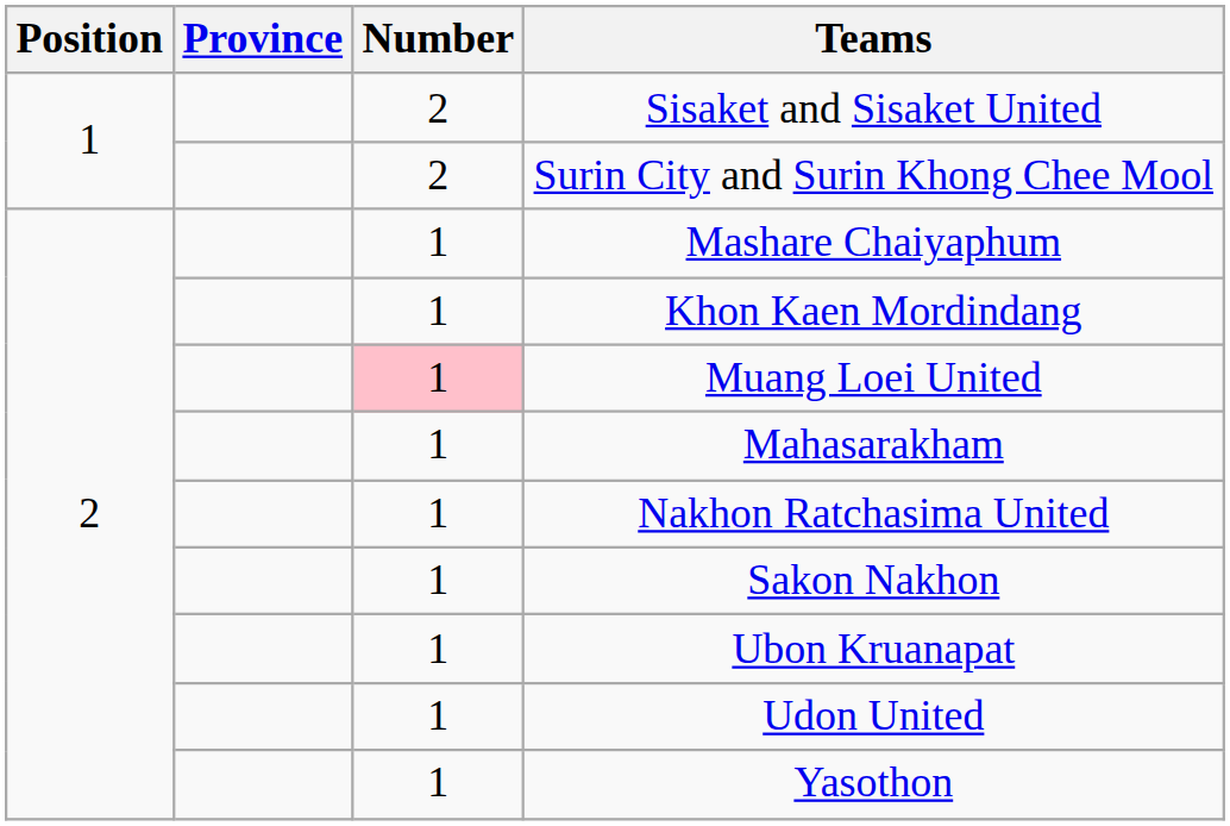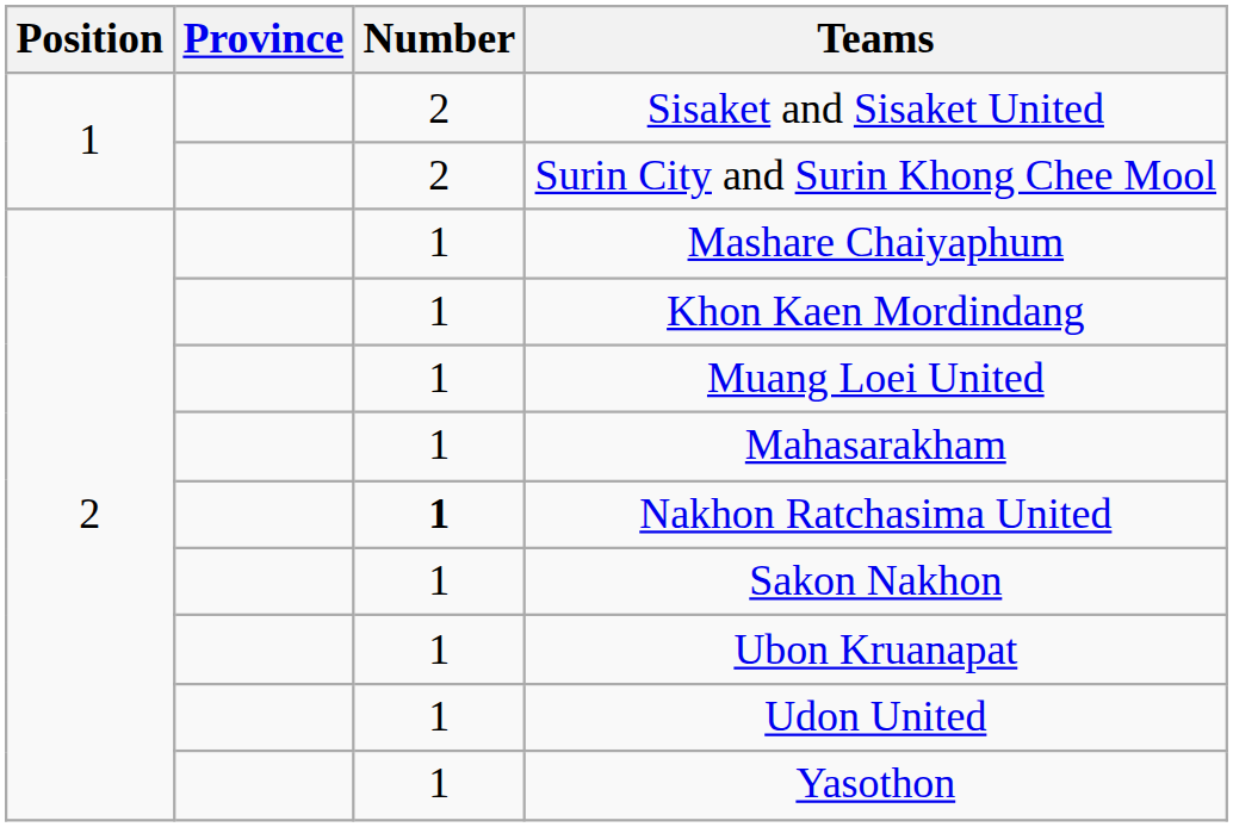 <table class="wikitable">
 <tr>
 <th>Position</th>
 <th><a href='#'>Province</a></th>
 <th>Number</th>
 <th>Teams</th>
 </tr>
 <tr>
 <td align=center rowspan="2">1</td>
 <td></td>
 <td align=center>2</td>
 <td align=center><a href='#'>Sisaket</a> and <a href='#'>Sisaket United</a></td>
 </tr>
 <tr>
 <td></td>
 <td align=center>2</td>
 <td align=center><a href='#'>Surin City</a> and <a href='#'>Surin Khong Chee Mool</a></td>
 </tr>
 <tr>
 <td align=center rowspan="10">2</td>
 <td></td>
 <td align=center>1</td>
 <td align=center><a href='#'>Mashare Chaiyaphum</a></td>
 </tr>
 <tr>
 <td></td>
 <td align=center>1</td>
 <td align=center><a href='#'>Khon Kaen Mordindang</a></td>
 </tr>
 <tr>
 <td></td>
-<td align=center style="background: pink;">1</td>
+<td align=center>1</td>
 <td align=center><a href='#'>Muang Loei United</a></td>
 </tr>
 <tr>
 <td></td>
 <td align=center>1</td>
 <td align=center><a href='#'>Mahasarakham</a></td>
 </tr>
 <tr>
 <td></td>
-<td align=center>1</td>
+<td align=center><strong>1</strong></td>
 <td align=center><a href='#'>Nakhon Ratchasima United</a></td>
 </tr>
 <tr>
 <td></td>
 <td align=center>1</td>
 <td align=center><a href='#'>Sakon Nakhon</a></td>
 </tr>
 <tr>
 <td></td>
 <td align=center>1</td>
 <td align=center><a href='#'>Ubon Kruanapat</a></td>
 </tr>
 <tr>
 <td></td>
 <td align=center>1</td>
 <td align=center><a href='#'>Udon United</a></td>
 </tr>
 <tr>
 <td></td>
 <td align=center>1</td>
 <td align=center><a href='#'>Yasothon</a></td>
 </tr>
 </table>
